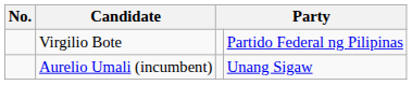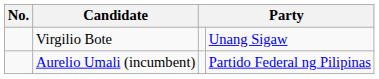 <table class="wikitable sortable" style="text-align:left;">
 <tr>
 <th>No.</th>
 <th>Candidate</th>
 <th colspan="2">Party</th>
 </tr>
 <tr>
 <td></td>
 <td>Virgilio Bote</td>
 <td></td>
-<td><a href='#'>Partido Federal ng Pilipinas</a></td>
+<td><a href='#'>Unang Sigaw</a></td>
 </tr>
 <tr>
 <td></td>
 <td><a href='#'>Aurelio Umali</a> (incumbent)</td>
 <td></td>
-<td><a href='#'>Unang Sigaw</a></td>
+<td><a href='#'>Partido Federal ng Pilipinas</a></td>
 </tr>
 </table>
